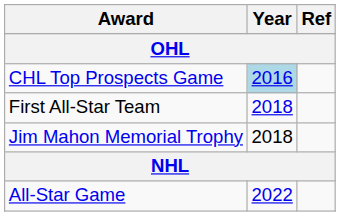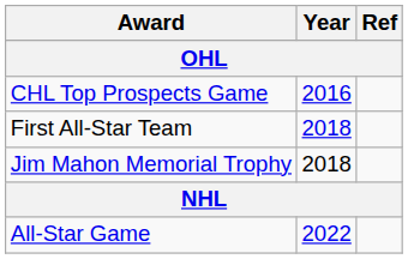 <table class="wikitable">
 <tr>
 <th>Award</th>
 <th>Year</th>
 <th>Ref</th>
 </tr>
 <tr>
 </tr>
 <tr>
 <th colspan="3"><a href='#'>OHL</a></th>
 </tr>
 <tr>
 <td><a href='#'>CHL Top Prospects Game</a></td>
-<td style="background: lightblue;"><a href='#'>2016</a></td>
+<td><a href='#'>2016</a></td>
 <td></td>
 </tr>
 <tr>
 <td>First All-Star Team</td>
 <td><a href='#'>2018</a></td>
 <td></td>
 </tr>
 <tr>
 <td><a href='#'>Jim Mahon Memorial Trophy</a></td>
 <td>2018</td>
 <td></td>
 </tr>
 <tr>
 <th colspan="3"><a href='#'>NHL</a></th>
 </tr>
 <tr>
 <td><a href='#'>All-Star Game</a></td>
 <td><a href='#'>2022</a></td>
 <td></td>
 </tr>
 </table>
